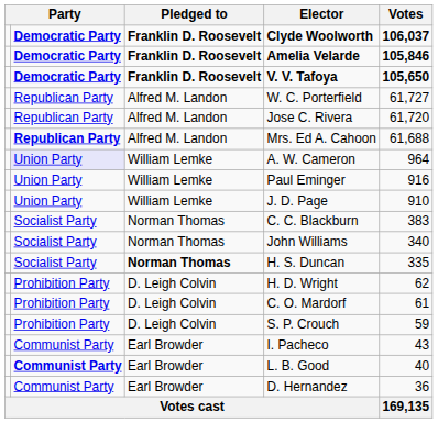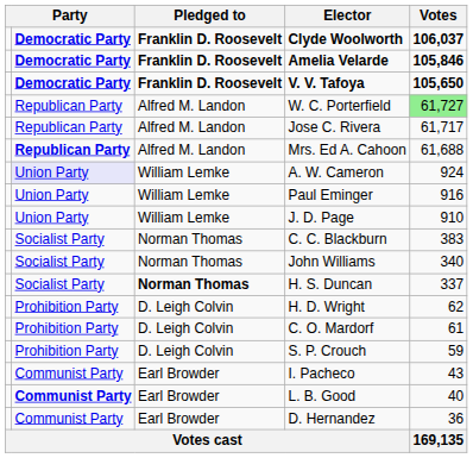 <table class="wikitable">
 <tr>
 <th colspan=2>Party</th>
 <th>Pledged to</th>
 <th>Elector</th>
 <th>Votes</th>
 </tr>
 <tr style="font-weight:bold">
 <td bgcolor=></td>
 <td><a href='#'>Democratic Party</a></td>
 <td>Franklin D. Roosevelt</td>
 <td>Clyde Woolworth</td>
 <td align=right>106,037</td>
 </tr>
 <tr style="font-weight:bold">
 <td bgcolor=></td>
 <td><a href='#'>Democratic Party</a></td>
 <td>Franklin D. Roosevelt</td>
 <td>Amelia Velarde</td>
 <td align=right>105,846</td>
 </tr>
 <tr style="font-weight:bold">
 <td bgcolor=></td>
 <td><a href='#'>Democratic Party</a></td>
 <td>Franklin D. Roosevelt</td>
 <td>V. V. Tafoya</td>
 <td align=right>105,650</td>
 </tr>
 <tr>
 <td></td>
 <td><a href='#'>Republican Party</a></td>
 <td>Alfred M. Landon</td>
 <td>W. C. Porterfield</td>
-<td align="right">61,727</td>
+<td align="right" style="background: lightgreen;">61,727</td>
 </tr>
 <tr>
 <td></td>
 <td><a href='#'>Republican Party</a></td>
 <td>Alfred M. Landon</td>
 <td>Jose C. Rivera</td>
-<td align="right">61,720</td>
+<td align="right">61,717</td>
 </tr>
 <tr>
 <td></td>
 <td><strong><a href='#'>Republican Party</a></strong></td>
 <td>Alfred M. Landon</td>
 <td>Mrs. Ed A. Cahoon</td>
 <td align="right">61,688</td>
 </tr>
 <tr>
 <td bgcolor=></td>
 <td style="background: lavender;"><a href='#'>Union Party</a></td>
 <td>William Lemke</td>
 <td>A. W. Cameron</td>
-<td align="right">964</td>
+<td align="right">924</td>
 </tr>
 <tr>
 <td bgcolor=></td>
 <td><a href='#'>Union Party</a></td>
 <td>William Lemke</td>
 <td>Paul Eminger</td>
 <td align="right">916</td>
 </tr>
 <tr>
 <td bgcolor=></td>
 <td><a href='#'>Union Party</a></td>
 <td>William Lemke</td>
 <td>J. D. Page</td>
 <td align="right">910</td>
 </tr>
 <tr>
 <td bgcolor=></td>
 <td><a href='#'>Socialist Party</a></td>
 <td>Norman Thomas</td>
 <td>C. C. Blackburn</td>
 <td align="right">383</td>
 </tr>
 <tr>
 <td bgcolor=></td>
 <td><a href='#'>Socialist Party</a></td>
 <td>Norman Thomas</td>
 <td>John Williams</td>
 <td align="right">340</td>
 </tr>
 <tr>
 <td bgcolor=></td>
 <td><a href='#'>Socialist Party</a></td>
 <td><strong>Norman Thomas</strong></td>
 <td>H. S. Duncan</td>
-<td align="right">335</td>
+<td align="right">337</td>
 </tr>
 <tr>
 <td bgcolor=></td>
 <td><a href='#'>Prohibition Party</a></td>
 <td>D. Leigh Colvin</td>
 <td>H. D. Wright</td>
 <td align="right">62</td>
 </tr>
 <tr>
 <td bgcolor=></td>
 <td><a href='#'>Prohibition Party</a></td>
 <td>D. Leigh Colvin</td>
 <td>C. O. Mardorf</td>
 <td align="right">61</td>
 </tr>
 <tr>
 <td bgcolor=></td>
 <td><a href='#'>Prohibition Party</a></td>
 <td>D. Leigh Colvin</td>
 <td>S. P. Crouch</td>
 <td align="right">59</td>
 </tr>
 <tr>
 <td bgcolor=></td>
 <td><a href='#'>Communist Party</a></td>
 <td>Earl Browder</td>
 <td>I. Pacheco</td>
 <td align="right">43</td>
 </tr>
 <tr>
 <td bgcolor=></td>
 <td><strong><a href='#'>Communist Party</a></strong></td>
 <td>Earl Browder</td>
 <td>L. B. Good</td>
 <td align="right">40</td>
 </tr>
 <tr>
 <td bgcolor=></td>
 <td><a href='#'>Communist Party</a></td>
 <td>Earl Browder</td>
 <td>D. Hernandez</td>
 <td align="right">36</td>
 </tr>
 <tr>
 <th colspan="4">Votes cast</th>
 <th>169,135</th>
 </tr>
 </table>
